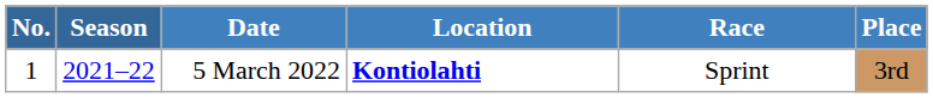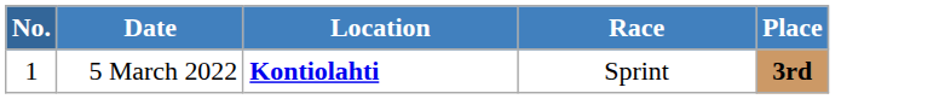 <table class="wikitable sortable" style="font-size:95%; text-align:center; border:grey solid 1px; border-collapse:collapse; background:#ffffff;">
 <tr style="background:#efefef;">
 <th style="background-color:#369; color:white;">No.</th>
-<th style="background-color:#369; color:white;">Season</th>
 <th style="background-color:#4180be; color:white; width:100px;">Date</th>
 <th style="background-color:#4180be; color:white; width:150px;">Location</th>
 <th style="background-color:#4180be; color:white; width:130px;">Race</th>
 <th style="background-color:#4180be; color:white;">Place</th>
 </tr>
 <tr>
 <td align=center>1</td>
-<td rowspan="1" align="center"><a href='#'>2021–22</a></td>
 <td align=right>5 March 2022</td>
 <td align=left><strong> <a href='#'>Kontiolahti</a></strong></td>
 <td>Sprint</td>
-<td align=center bgcolor="cc9966">3rd</td>
+<td align=center bgcolor="cc9966"><strong>3rd</strong></td>
 </tr>
 </table>
